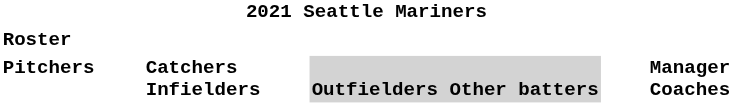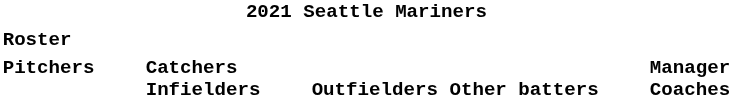 <table class="toccolours" style="font-size: 95%;">
 <tr>
 <th colspan="10">2021 Seattle Mariners</th>
 </tr>
 <tr>
 <td colspan="10"><strong>Roster</strong></td>
 </tr>
 <tr>
 <td valign="top"><strong>Pitchers</strong><br>                                    </td>
 <td style="width:25px;"></td>
 <td valign="top"><strong>Catchers</strong><br>    <strong>Infielders</strong>           </td>
 <td style="width:25px;"></td>
-<td valign="top" style="background: lightgrey;"><br><strong>Outfielders</strong>           <strong>Other batters</strong> </td>
+<td valign="top"><br><strong>Outfielders</strong>           <strong>Other batters</strong> </td>
 <td style="width:25px;"></td>
 <td valign="top"><strong>Manager</strong><br> <strong>Coaches</strong>                     </td>
 </tr>
 </table>
